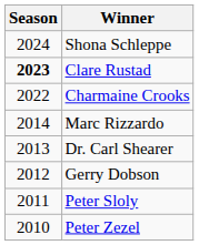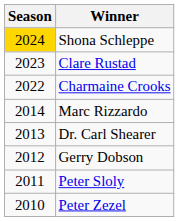 <table class='wikitable'>
 <tr>
 <th>Season</th>
 <th>Winner</th>
 </tr>
 <tr>
-<td align="center">2024</td>
+<td align="center" style="background: gold;">2024</td>
 <td> Shona Schleppe</td>
 </tr>
 <tr>
-<td align=center><strong>2023</strong></td>
+<td align=center>2023</td>
 <td> <a href='#'>Clare Rustad</a></td>
 </tr>
 <tr>
 <td align=center>2022</td>
 <td> <a href='#'>Charmaine Crooks</a></td>
 </tr>
 <tr>
 <td align=center>2014</td>
 <td> Marc Rizzardo</td>
 </tr>
 <tr>
 <td align=center>2013</td>
 <td> Dr. Carl Shearer</td>
 </tr>
 <tr>
 <td align=center>2012</td>
 <td> Gerry Dobson</td>
 </tr>
 <tr>
 <td align=center>2011</td>
 <td> <a href='#'>Peter Sloly</a></td>
 </tr>
 <tr>
 <td align=center>2010</td>
 <td> <a href='#'>Peter Zezel</a></td>
 </tr>
 </table>
